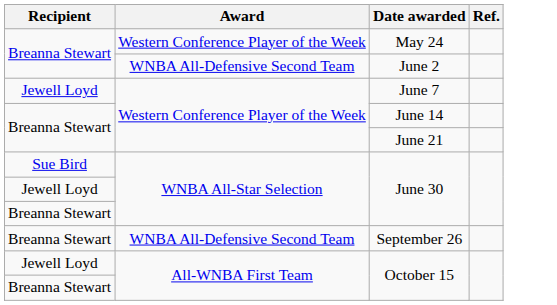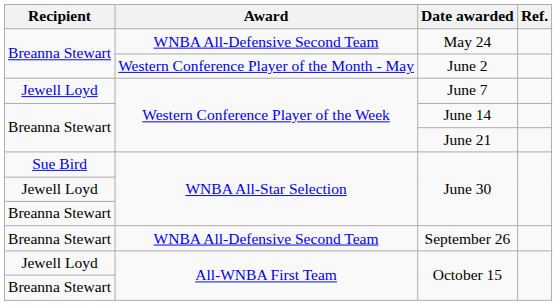 <table class="wikitable sortable sortable" style="text-align: center">
 <tr>
 <th>Recipient</th>
 <th>Award</th>
 <th>Date awarded</th>
 <th>Ref.</th>
 </tr>
 <tr>
 <td rowspan=2><a href='#'>Breanna Stewart</a></td>
-<td><a href='#'>Western Conference Player of the Week</a></td>
+<td><a href='#'>WNBA All-Defensive Second Team</a></td>
 <td>May 24</td>
 <td></td>
 </tr>
 <tr>
-<td><a href='#'>WNBA All-Defensive Second Team</a></td>
+<td><a href='#'>Western Conference Player of the Month - May</a></td>
 <td>June 2</td>
 <td></td>
 </tr>
 <tr>
 <td><a href='#'>Jewell Loyd</a></td>
 <td rowspan=3><a href='#'>Western Conference Player of the Week</a></td>
 <td>June 7</td>
 <td></td>
 </tr>
 <tr>
 <td rowspan=2>Breanna Stewart</td>
 <td>June 14</td>
 <td></td>
 </tr>
 <tr>
 <td>June 21</td>
 <td></td>
 </tr>
 <tr>
 <td><a href='#'>Sue Bird</a></td>
 <td rowspan=3><a href='#'>WNBA All-Star Selection</a></td>
 <td rowspan=3>June 30</td>
 <td rowspan=3></td>
 </tr>
 <tr>
 <td>Jewell Loyd</td>
 </tr>
 <tr>
 <td>Breanna Stewart</td>
 </tr>
 <tr>
 <td>Breanna Stewart</td>
 <td><a href='#'>WNBA All-Defensive Second Team</a></td>
 <td>September 26</td>
 <td></td>
 </tr>
 <tr>
 <td>Jewell Loyd</td>
 <td rowspan=2><a href='#'>All-WNBA First Team</a></td>
 <td rowspan=2>October 15</td>
 <td rowspan=2></td>
 </tr>
 <tr>
 <td>Breanna Stewart</td>
 </tr>
 </table>
